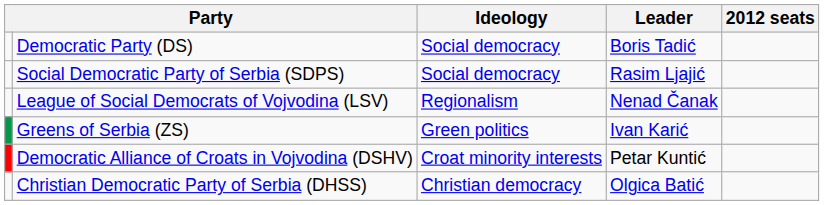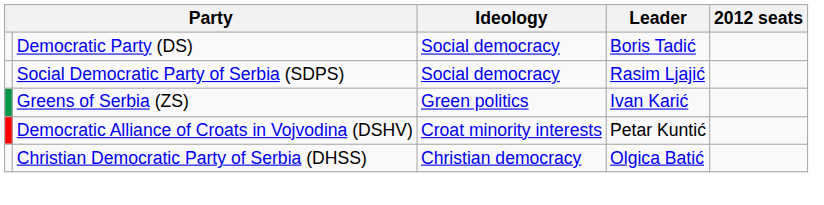 <table class=wikitable style=text-align:left>
 <tr>
 <th colspan="2">Party</th>
 <th>Ideology</th>
 <th>Leader</th>
 <th>2012 seats</th>
 </tr>
 <tr>
 <td style="background:"></td>
 <td><a href='#'>Democratic Party</a> (DS)</td>
 <td><a href='#'>Social democracy</a></td>
 <td><a href='#'>Boris Tadić</a></td>
 <td></td>
 </tr>
 <tr>
 <td style="background:"></td>
 <td><a href='#'>Social Democratic Party of Serbia</a> (SDPS)</td>
 <td><a href='#'>Social democracy</a></td>
 <td><a href='#'>Rasim Ljajić</a></td>
-<td></td>
-</tr>
-<tr>
-<td style="background:"></td>
-<td><a href='#'>League of Social Democrats of Vojvodina</a> (LSV)</td>
-<td><a href='#'>Regionalism</a></td>
-<td><a href='#'>Nenad Čanak</a></td>
 <td></td>
 </tr>
 <tr>
 <td style="background:#059649"></td>
 <td><a href='#'>Greens of Serbia</a> (ZS)</td>
 <td><a href='#'>Green politics</a></td>
 <td><a href='#'>Ivan Karić</a></td>
 <td></td>
 </tr>
 <tr>
 <td style="background:red"></td>
 <td><a href='#'>Democratic Alliance of Croats in Vojvodina</a> (DSHV)</td>
 <td><a href='#'>Croat minority interests</a></td>
 <td>Petar Kuntić</td>
 <td></td>
 </tr>
 <tr>
 <td Style="background:"></td>
 <td><a href='#'>Christian Democratic Party of Serbia</a> (DHSS)</td>
 <td><a href='#'>Christian democracy</a></td>
 <td><a href='#'>Olgica Batić</a></td>
 <td></td>
 </tr>
 </table>
